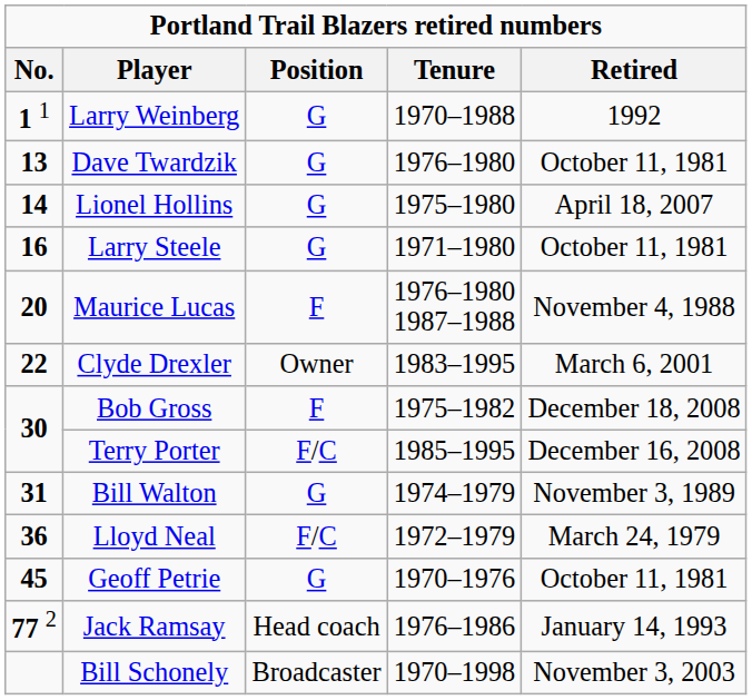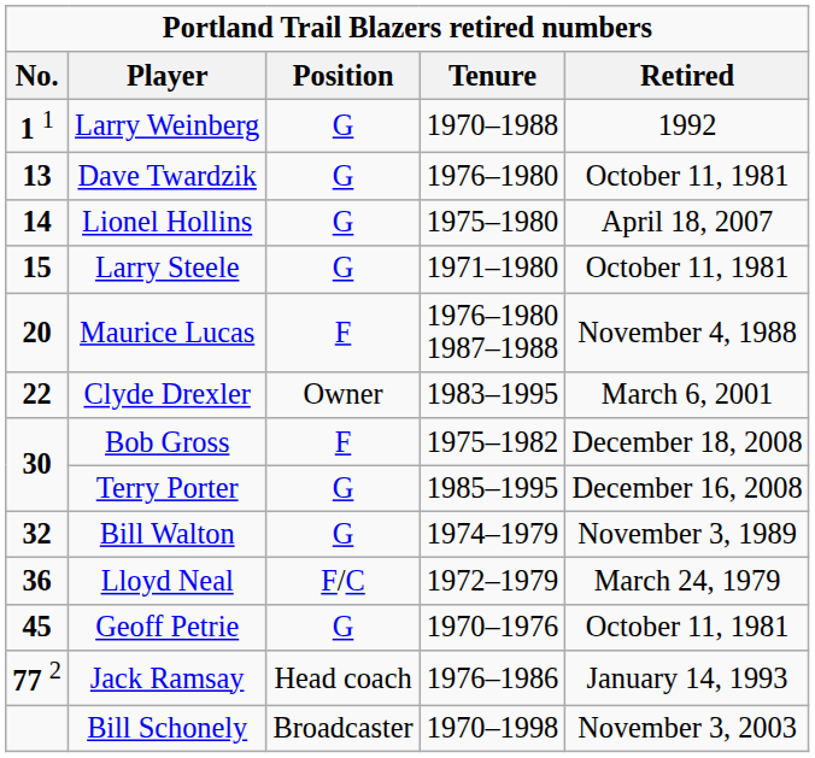 <table class="wikitable sortable" style="text-align:center">
 <tr>
 <td colspan="5"><strong>Portland Trail Blazers retired numbers</strong></td>
 </tr>
 <tr>
 <th>No.</th>
 <th>Player</th>
 <th>Position</th>
 <th>Tenure</th>
 <th>Retired</th>
 </tr>
 <tr>
 <td><strong>1</strong> <sup>1</sup></td>
 <td><a href='#'>Larry Weinberg</a></td>
 <td><a href='#'>G</a></td>
 <td>1970–1988</td>
 <td>1992</td>
 </tr>
 <tr>
 <td><strong>13</strong></td>
 <td><a href='#'>Dave Twardzik</a></td>
 <td><a href='#'>G</a></td>
 <td>1976–1980</td>
 <td>October 11, 1981</td>
 </tr>
 <tr>
 <td><strong>14</strong></td>
 <td><a href='#'>Lionel Hollins</a></td>
 <td><a href='#'>G</a></td>
 <td>1975–1980</td>
 <td>April 18, 2007</td>
 </tr>
 <tr>
-<td><strong>16</strong></td>
+<td><strong>15</strong></td>
 <td><a href='#'>Larry Steele</a></td>
 <td><a href='#'>G</a></td>
 <td>1971–1980</td>
 <td>October 11, 1981</td>
 </tr>
 <tr>
 <td><strong>20</strong></td>
 <td><a href='#'>Maurice Lucas</a></td>
 <td><a href='#'>F</a></td>
 <td>1976–1980<br>1987–1988</td>
 <td>November 4, 1988</td>
 </tr>
 <tr>
 <td><strong>22</strong></td>
 <td><a href='#'>Clyde Drexler</a></td>
 <td>Owner</td>
 <td>1983–1995</td>
 <td>March 6, 2001</td>
 </tr>
 <tr>
 <td rowspan="2"><strong>30</strong></td>
 <td><a href='#'>Bob Gross</a></td>
 <td><a href='#'>F</a></td>
 <td>1975–1982</td>
 <td>December 18, 2008</td>
 </tr>
 <tr>
 <td><a href='#'>Terry Porter</a></td>
-<td><a href='#'>F</a>/<a href='#'>C</a></td>
+<td><a href='#'>G</a></td>
 <td>1985–1995</td>
 <td>December 16, 2008</td>
 </tr>
 <tr>
-<td><strong>31</strong></td>
+<td><strong>32</strong></td>
 <td><a href='#'>Bill Walton</a></td>
 <td><a href='#'>G</a></td>
 <td>1974–1979</td>
 <td>November 3, 1989</td>
 </tr>
 <tr>
 <td><strong>36</strong></td>
 <td><a href='#'>Lloyd Neal</a></td>
 <td><a href='#'>F</a>/<a href='#'>C</a></td>
 <td>1972–1979</td>
 <td>March 24, 1979</td>
 </tr>
 <tr>
 <td><strong>45</strong></td>
 <td><a href='#'>Geoff Petrie</a></td>
 <td><a href='#'>G</a></td>
 <td>1970–1976</td>
 <td>October 11, 1981</td>
 </tr>
 <tr>
 <td><strong>77</strong> <sup>2</sup></td>
 <td><a href='#'>Jack Ramsay</a></td>
 <td>Head coach</td>
 <td>1976–1986</td>
 <td>January 14, 1993</td>
 </tr>
 <tr>
 <td></td>
 <td><a href='#'>Bill Schonely</a></td>
 <td>Broadcaster</td>
 <td>1970–1998</td>
 <td>November 3, 2003</td>
 </tr>
 </table>
